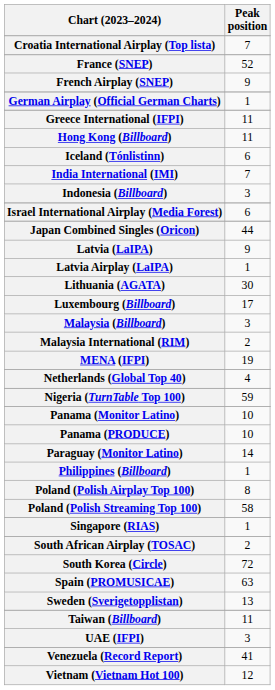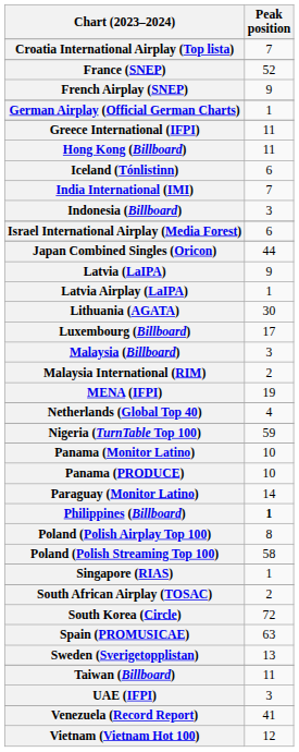 <table class="wikitable sortable plainrowheaders" style="text-align:center">
 <tr>
 <th scope="col">Chart (2023–2024)</th>
 <th scope="col">Peak<br>position</th>
 </tr>
 <tr>
 </tr>
 <tr>
 </tr>
 <tr>
 </tr>
 <tr>
 </tr>
 <tr>
 </tr>
 <tr>
 </tr>
 <tr>
 </tr>
 <tr>
 </tr>
 <tr>
 </tr>
 <tr>
 </tr>
 <tr>
 <th scope="row">Croatia International Airplay (<a href='#'>Top lista</a>)</th>
 <td>7</td>
 </tr>
 <tr>
 </tr>
 <tr>
 </tr>
 <tr>
 </tr>
 <tr>
 </tr>
 <tr>
 <th scope="row">France (<a href='#'>SNEP</a>)</th>
 <td>52</td>
 </tr>
 <tr>
 <th scope="row">French Airplay (<a href='#'>SNEP</a>)</th>
 <td>9</td>
 </tr>
 <tr>
 </tr>
 <tr>
 <th scope="row"><a href='#'>German Airplay</a> (<a href='#'>Official German Charts</a>)</th>
 <td>1</td>
 </tr>
 <tr>
 </tr>
 <tr>
 <th scope="row">Greece International (<a href='#'>IFPI</a>)</th>
 <td>11</td>
 </tr>
 <tr>
 <th scope="row"><a href='#'>Hong Kong</a> (<em><a href='#'>Billboard</a></em>)</th>
 <td>11</td>
 </tr>
 <tr>
 <th scope="row">Iceland (<a href='#'>Tónlistinn</a>)</th>
 <td>6</td>
 </tr>
 <tr>
 <th scope="row"><a href='#'>India International</a> (<a href='#'>IMI</a>)</th>
 <td>7</td>
 </tr>
 <tr>
 <th scope="row">Indonesia (<em><a href='#'>Billboard</a></em>)</th>
 <td>3</td>
 </tr>
 <tr>
 </tr>
 <tr>
 <th scope="row">Israel International Airplay (<a href='#'>Media Forest</a>)</th>
 <td>6</td>
 </tr>
 <tr>
 </tr>
 <tr>
 </tr>
 <tr>
 <th scope="row">Japan Combined Singles (<a href='#'>Oricon</a>)</th>
 <td>44</td>
 </tr>
 <tr>
 <th scope="row">Latvia (<a href='#'>LaIPA</a>)</th>
 <td>9</td>
 </tr>
 <tr>
 <th scope="row">Latvia Airplay (<a href='#'>LaIPA</a>)</th>
 <td>1</td>
 </tr>
 <tr>
 <th scope="row">Lithuania (<a href='#'>AGATA</a>)</th>
 <td>30</td>
 </tr>
 <tr>
 <th scope="row">Luxembourg (<em><a href='#'>Billboard</a></em>)</th>
 <td>17</td>
 </tr>
 <tr>
 <th scope="row"><a href='#'>Malaysia</a> (<em><a href='#'>Billboard</a></em>)</th>
 <td>3</td>
 </tr>
 <tr>
 <th scope="row">Malaysia International (<a href='#'>RIM</a>)</th>
 <td>2</td>
 </tr>
 <tr>
 <th scope="row"><a href='#'>MENA</a> (<a href='#'>IFPI</a>)</th>
 <td>19</td>
 </tr>
 <tr>
 </tr>
 <tr>
 <th scope="row">Netherlands (<a href='#'>Global Top 40</a>)</th>
 <td>4</td>
 </tr>
 <tr>
 </tr>
 <tr>
 </tr>
 <tr>
 <th scope="row">Nigeria (<a href='#'><em>TurnTable</em> Top 100</a>)</th>
 <td>59</td>
 </tr>
 <tr>
 </tr>
 <tr>
 <th scope="row">Panama (<a href='#'>Monitor Latino</a>)</th>
 <td>10</td>
 </tr>
 <tr>
 <th scope="row">Panama (<a href='#'>PRODUCE</a>)</th>
 <td>10</td>
 </tr>
 <tr>
 <th scope="row">Paraguay (<a href='#'>Monitor Latino</a>)</th>
 <td>14</td>
 </tr>
 <tr>
 <th scope="row"><a href='#'>Philippines</a> (<em><a href='#'>Billboard</a></em>)</th>
-<td>1</td>
+<td><strong>1</strong></td>
 </tr>
 <tr>
 <th scope="row">Poland (<a href='#'>Polish Airplay Top 100</a>)</th>
 <td>8</td>
 </tr>
 <tr>
 <th scope="row">Poland (<a href='#'>Polish Streaming Top 100</a>)</th>
 <td>58</td>
 </tr>
 <tr>
 </tr>
 <tr>
 <th scope="row">Singapore (<a href='#'>RIAS</a>)</th>
 <td>1</td>
 </tr>
 <tr>
 </tr>
 <tr>
 </tr>
 <tr>
 <th scope="row">South African Airplay (<a href='#'>TOSAC</a>)</th>
 <td>2</td>
 </tr>
 <tr>
 <th scope="row">South Korea (<a href='#'>Circle</a>)</th>
 <td>72</td>
 </tr>
 <tr>
 <th scope="row">Spain (<a href='#'>PROMUSICAE</a>)</th>
 <td>63</td>
 </tr>
 <tr>
 <th scope="row">Sweden (<a href='#'>Sverigetopplistan</a>)</th>
 <td>13</td>
 </tr>
 <tr>
 </tr>
 <tr>
 <th scope="row">Taiwan (<em><a href='#'>Billboard</a></em>)</th>
 <td>11</td>
 </tr>
 <tr>
 <th scope="row">UAE (<a href='#'>IFPI</a>)</th>
 <td>3</td>
 </tr>
 <tr>
 </tr>
 <tr>
 </tr>
 <tr>
 </tr>
 <tr>
 </tr>
 <tr>
 </tr>
 <tr>
 </tr>
 <tr>
 <th scope="row">Venezuela (<a href='#'>Record Report</a>)</th>
 <td>41</td>
 </tr>
 <tr>
 <th scope="row">Vietnam (<a href='#'>Vietnam Hot 100</a>)</th>
 <td>12</td>
 </tr>
 </table>
